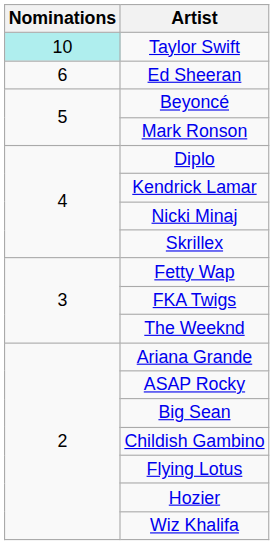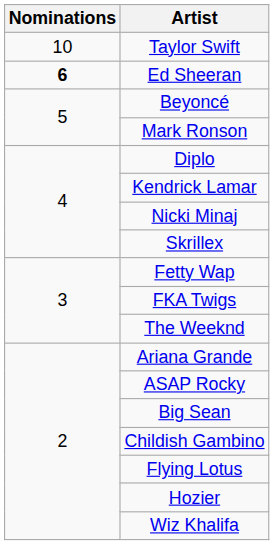 <table class="wikitable" rowspan="2" style="text-align:center">
 <tr>
 <th scope="col" style="width:55px;">Nominations</th>
 <th scope="col" style="text-align:center;">Artist</th>
 </tr>
 <tr>
-<td style="background: paleturquoise; text-align:center">10</td>
+<td style="text-align:center">10</td>
 <td><a href='#'>Taylor Swift</a></td>
 </tr>
 <tr>
-<td style="text-align:center">6</td>
+<td style="text-align:center"><strong>6</strong></td>
 <td><a href='#'>Ed Sheeran</a></td>
 </tr>
 <tr>
 <td rowspan="2" style="text-align:center">5</td>
 <td><a href='#'>Beyoncé</a></td>
 </tr>
 <tr>
 <td><a href='#'>Mark Ronson</a></td>
 </tr>
 <tr>
 <td rowspan="4" style="text-align:center">4</td>
 <td><a href='#'>Diplo</a></td>
 </tr>
 <tr>
 <td><a href='#'>Kendrick Lamar</a></td>
 </tr>
 <tr>
 <td><a href='#'>Nicki Minaj</a></td>
 </tr>
 <tr>
 <td><a href='#'>Skrillex</a></td>
 </tr>
 <tr>
 <td rowspan="3" style="text-align:center">3</td>
 <td><a href='#'>Fetty Wap</a></td>
 </tr>
 <tr>
 <td><a href='#'>FKA Twigs</a></td>
 </tr>
 <tr>
 <td><a href='#'>The Weeknd</a></td>
 </tr>
 <tr>
 <td rowspan="7" style="text-align:center">2</td>
 <td><a href='#'>Ariana Grande</a></td>
 </tr>
 <tr>
 <td><a href='#'>ASAP Rocky</a></td>
 </tr>
 <tr>
 <td><a href='#'>Big Sean</a></td>
 </tr>
 <tr>
 <td><a href='#'>Childish Gambino</a></td>
 </tr>
 <tr>
 <td><a href='#'>Flying Lotus</a></td>
 </tr>
 <tr>
 <td><a href='#'>Hozier</a></td>
 </tr>
 <tr>
 <td><a href='#'>Wiz Khalifa</a></td>
 </tr>
 </table>
